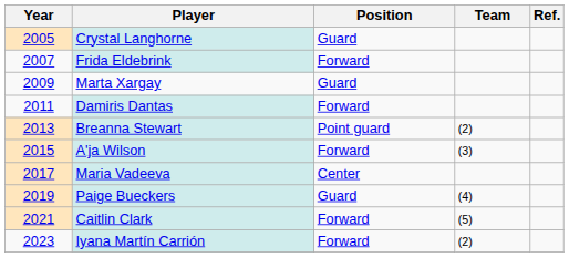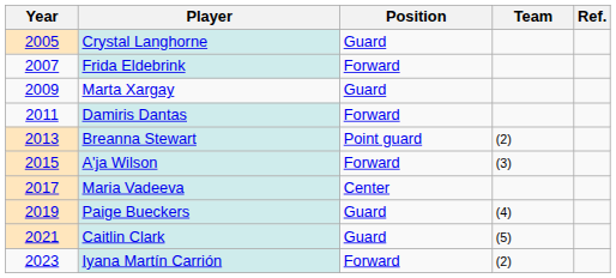 <table class="wikitable plainrowheaders sortable" style="width: 50%; text-align:left" summary="Season (sortable), Player (sortable), Position (sortable), Nationality (sortable) and Team (sortable)">
 <tr>
 <th scope="col">Year</th>
 <th scope="col">Player</th>
 <th scope="col">Position</th>
 <th scope="col">Team</th>
 <th width=5%>Ref.</th>
 </tr>
 <tr>
 <td scope="row" style="background-color:#FFE6BD; text-align: center"><a href='#'>2005</a></td>
 <td scope="row" style="background-color:#CFECEC"><a href='#'>Crystal Langhorne</a></td>
 <td align=left><a href='#'>Guard</a></td>
 <td></td>
 <td></td>
 </tr>
 <tr>
 <td scope="row" style="text-align: center"><a href='#'>2007</a></td>
 <td scope="row" style="background-color:#CFECEC"><a href='#'>Frida Eldebrink</a></td>
 <td align=left><a href='#'>Forward</a></td>
 <td align=left></td>
 <td></td>
 </tr>
 <tr>
 <td scope="row" style="text-align: center"><a href='#'>2009</a></td>
 <td><a href='#'>Marta Xargay</a></td>
 <td align=left><a href='#'>Guard</a></td>
 <td align=left></td>
 <td></td>
 </tr>
 <tr>
 <td scope="row" style="text-align: center"><a href='#'>2011</a></td>
 <td scope="row" style="background-color:#CFECEC"><a href='#'>Damiris Dantas</a></td>
 <td align=left><a href='#'>Forward</a></td>
 <td align=left></td>
 <td></td>
 </tr>
 <tr>
 <td scope="row" style="background-color:#FFE6BD; text-align: center"><a href='#'>2013</a></td>
 <td scope="row" style="background-color:#CFECEC"><a href='#'>Breanna Stewart</a></td>
 <td align=left><a href='#'>Point guard</a></td>
 <td align=left> <small>(2)</small></td>
 <td></td>
 </tr>
 <tr>
 <td scope="row" style="background-color:#FFE6BD; text-align: center"><a href='#'>2015</a></td>
 <td scope="row" style="background-color:#CFECEC"><a href='#'>A'ja Wilson</a></td>
 <td align=left><a href='#'>Forward</a></td>
 <td align=left> <small>(3)</small></td>
 <td></td>
 </tr>
 <tr>
 <td scope="row" style="background-color:#FFE6BD; text-align: center"><a href='#'>2017</a></td>
 <td scope="row" style="background-color:#CFECEC"><a href='#'>Maria Vadeeva</a></td>
 <td align=left><a href='#'>Center</a></td>
 <td align=left></td>
 <td></td>
 </tr>
 <tr>
 <td scope="row" style="background-color:#FFE6BD; text-align: center"><a href='#'>2019</a></td>
 <td scope="row" style="background-color:#CFECEC"><a href='#'>Paige Bueckers</a></td>
 <td align=left><a href='#'>Guard</a></td>
 <td align=left> <small>(4)</small></td>
 <td></td>
 </tr>
 <tr>
 <td scope="row" style="background-color:#FFE6BD; text-align: center"><a href='#'>2021</a></td>
 <td scope="row" style="background-color:#CFECEC"><a href='#'>Caitlin Clark</a></td>
-<td align=left><a href='#'>Forward</a></td>
+<td align=left><a href='#'>Guard</a></td>
 <td align=left> <small>(5)</small></td>
 <td></td>
 </tr>
 <tr>
 <td scope="row" style="text-align: center"><a href='#'>2023</a></td>
 <td scope="row" style="background-color:#CFECEC"><a href='#'>Iyana Martín Carrión</a></td>
 <td align=left><a href='#'>Forward</a></td>
 <td align=left> <small>(2)</small></td>
 <td></td>
 </tr>
 </table>
